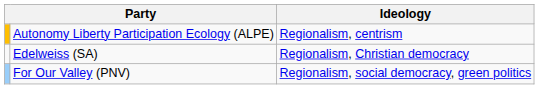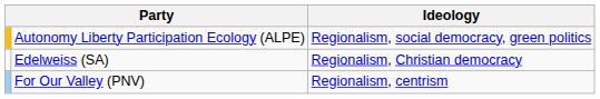 <table class=wikitable style=text-align:left>
 <tr>
 <th colspan=2>Party</th>
 <th>Ideology</th>
 </tr>
 <tr>
 <td bgcolor="#FFBF00"></td>
 <td><a href='#'>Autonomy Liberty Participation Ecology</a> (ALPE)</td>
-<td><a href='#'>Regionalism</a>, <a href='#'>centrism</a></td>
+<td><a href='#'>Regionalism</a>, <a href='#'>social democracy</a>, <a href='#'>green politics</a></td>
 </tr>
 <tr>
 <td></td>
 <td><a href='#'>Edelweiss</a> (SA)</td>
 <td><a href='#'>Regionalism</a>, <a href='#'>Christian democracy</a></td>
 </tr>
 <tr>
 <td bgcolor="#99CEFA"></td>
 <td><a href='#'>For Our Valley</a> (PNV)</td>
-<td><a href='#'>Regionalism</a>, <a href='#'>social democracy</a>, <a href='#'>green politics</a></td>
+<td><a href='#'>Regionalism</a>, <a href='#'>centrism</a></td>
 </tr>
 </table>
